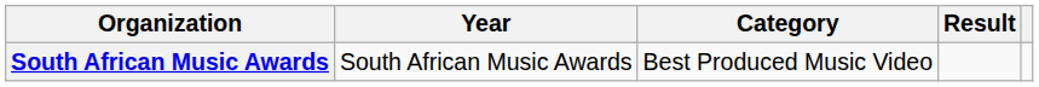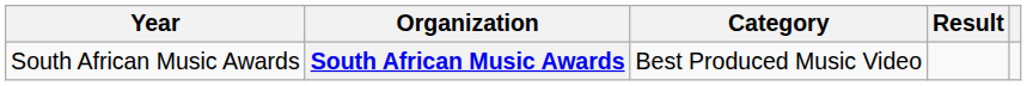 <table class="wikitable sortable plainrowheaders" style="border:none; margin:0;">
 <tr>
+<th scope="col">Year</th>
 <th scope="col">Organization</th>
-<th scope="col">Year</th>
 <th scope="col">Category</th>
 <th scope="col">Result</th>
 <th scope="col" class="unsortable"></th>
 </tr>
 <tr>
+<td>South African Music Awards</td>
 <th scope="row"><a href='#'>South African Music Awards</a></th>
-<td>South African Music Awards</td>
 <td>Best Produced Music Video</td>
 <td></td>
 <td style="text-align:center"></td>
 </tr>
 </table>
